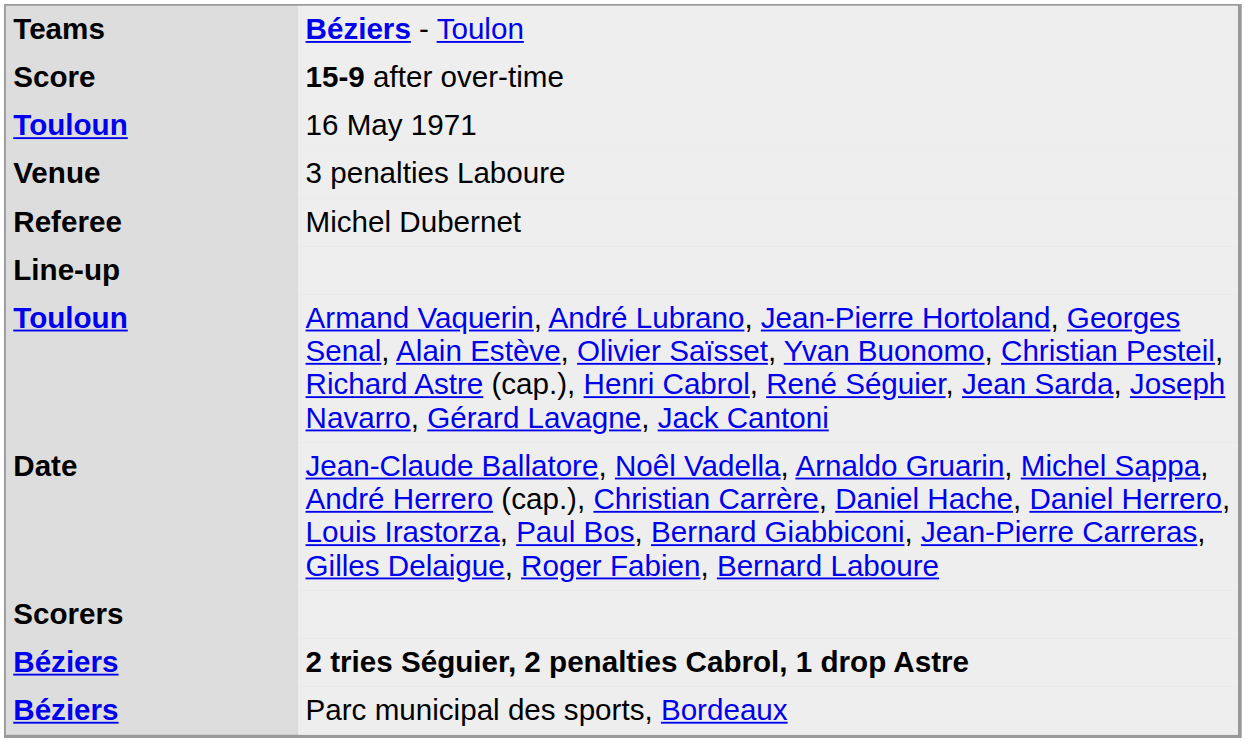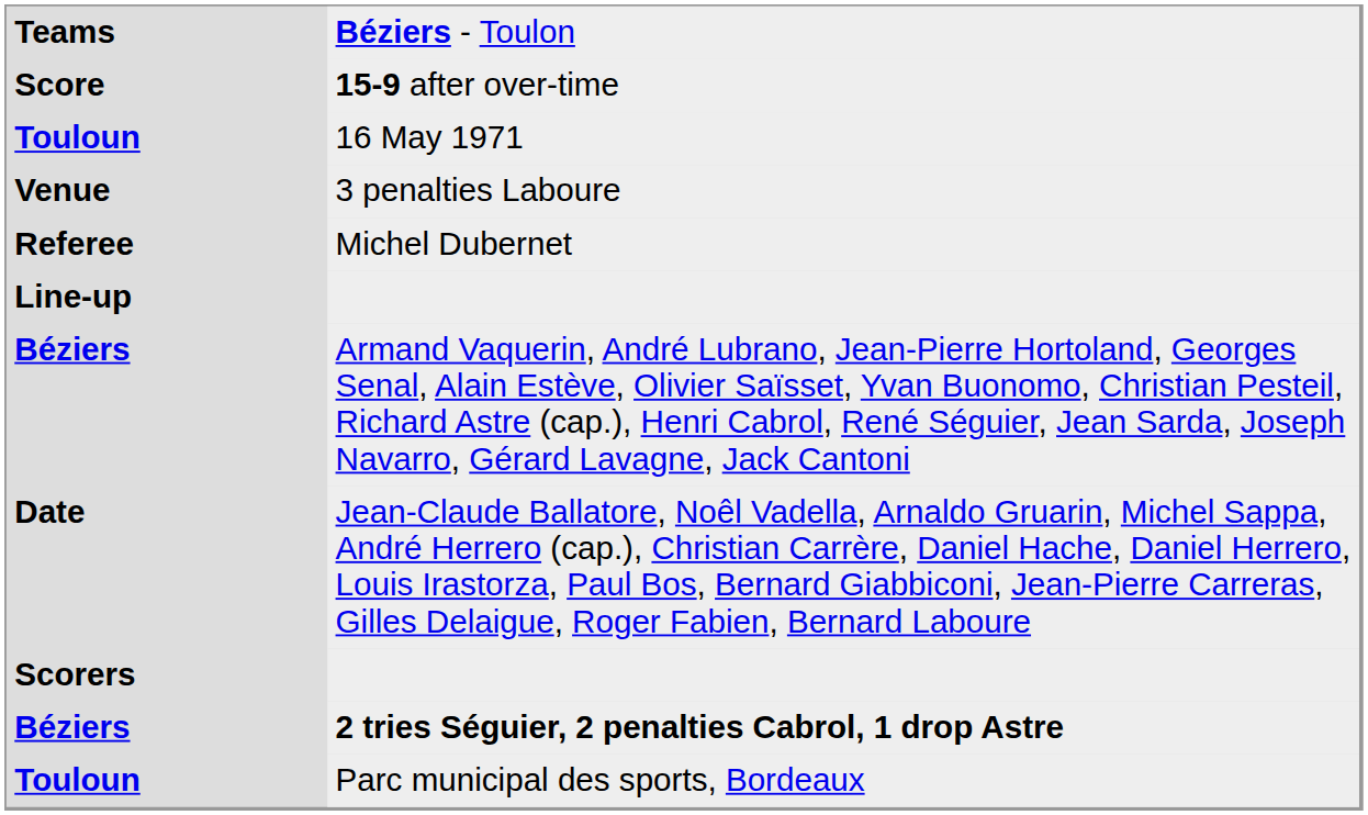 <table align="left" cellpadding="4" cellspacing="0"  style="margin: 0 0 0 0; border: 1px solid #999; border-right-width: 2px; border-bottom-width: 2px; background-color: #DDDDDD">
 <tr>
 <td width="150" valign="top"><strong>Teams</strong></td>
 <td width="500" bgcolor=#EEEEEE><strong><a href='#'>Béziers</a> </strong> - <a href='#'>Toulon</a></td>
 </tr>
 <tr>
 <td valign="top"><strong>Score</strong></td>
 <td bgcolor=#EEEEEE><strong>15-9</strong> after over-time</td>
 </tr>
 <tr>
 <td valign="top"><strong><a href='#'>Touloun</a></strong></td>
 <td bgcolor=#EEEEEE>16 May 1971</td>
 </tr>
 <tr>
 <td valign="top"><strong>Venue</strong></td>
 <td bgcolor=#EEEEEE>3 penalties  Laboure</td>
 </tr>
 <tr>
 <td valign="top"><strong>Referee</strong></td>
 <td bgcolor=#EEEEEE>Michel Dubernet</td>
 </tr>
 <tr>
 <td valign="top"><strong>Line-up</strong></td>
 <td bgcolor=#EEEEEE></td>
 </tr>
 <tr>
-<td valign="top"><strong><a href='#'>Touloun</a></strong></td>
+<td valign="top"><strong> <a href='#'>Béziers</a> </strong></td>
 <td bgcolor=#EEEEEE><a href='#'>Armand Vaquerin</a>, <a href='#'>André Lubrano</a>, <a href='#'>Jean-Pierre Hortoland</a>, <a href='#'>Georges Senal</a>, <a href='#'>Alain Estève</a>, <a href='#'>Olivier Saïsset</a>, <a href='#'>Yvan Buonomo</a>, <a href='#'>Christian Pesteil</a>, <a href='#'>Richard Astre</a> (cap.), <a href='#'>Henri Cabrol</a>, <a href='#'>René Séguier</a>, <a href='#'>Jean Sarda</a>, <a href='#'>Joseph Navarro</a>, <a href='#'>Gérard Lavagne</a>, <a href='#'>Jack Cantoni</a></td>
 </tr>
 <tr>
 <td valign="top"><strong>Date</strong></td>
 <td bgcolor=#EEEEEE><a href='#'>Jean-Claude Ballatore</a>, <a href='#'>Noêl Vadella</a>, <a href='#'>Arnaldo Gruarin</a>, <a href='#'>Michel Sappa</a>, <a href='#'>André Herrero</a> (cap.), <a href='#'>Christian Carrère</a>, <a href='#'>Daniel Hache</a>, <a href='#'>Daniel Herrero</a>, <a href='#'>Louis Irastorza</a>, <a href='#'>Paul Bos</a>, <a href='#'>Bernard Giabbiconi</a>, <a href='#'>Jean-Pierre Carreras</a>, <a href='#'>Gilles Delaigue</a>, <a href='#'>Roger Fabien</a>, <a href='#'>Bernard Laboure</a></td>
 </tr>
 <tr>
 <td valign="top"><strong>Scorers</strong></td>
 <td bgcolor=#EEEEEE></td>
 </tr>
 <tr>
 <td valign="top"><strong> <a href='#'>Béziers</a> </strong></td>
 <td bgcolor=#EEEEEE><strong>2 tries Séguier, 2 penalties  Cabrol, 1 drop Astre</strong></td>
 </tr>
 <tr>
-<td valign="top"><strong> <a href='#'>Béziers</a> </strong></td>
+<td valign="top"><strong><a href='#'>Touloun</a></strong></td>
 <td bgcolor=#EEEEEE>Parc municipal des sports, <a href='#'>Bordeaux</a><br></td>
 </tr>
 </table>
